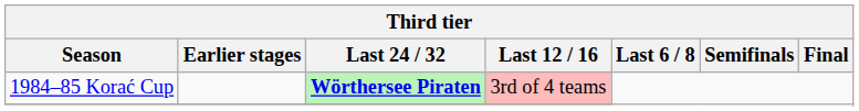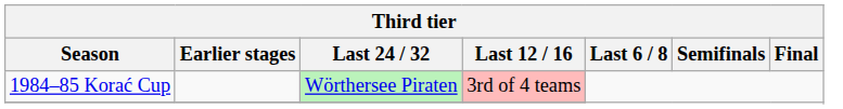 <table class="wikitable" style="font-size:90%">
 <tr>
 <th colspan=7>Third tier</th>
 </tr>
 <tr>
 <th>Season</th>
 <th>Earlier stages</th>
 <th>Last 24 / 32</th>
 <th>Last 12 / 16</th>
 <th>Last 6 / 8</th>
 <th>Semifinals</th>
 <th>Final</th>
 </tr>
 <tr>
 <td><a href='#'>1984–85 Korać Cup</a></td>
 <td></td>
-<td bgcolor=#BBF3BB><strong> <a href='#'>Wörthersee Piraten</a></strong></td>
+<td bgcolor=#BBF3BB> <a href='#'>Wörthersee Piraten</a></td>
 <td bgcolor=#FFBBBB>3rd of 4 teams</td>
 </tr>
 <tr>
 </tr>
 </table>
